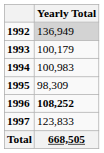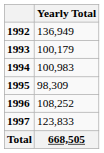 <table class="wikitable">
 <tr>
 <th></th>
 <th>Yearly Total</th>
 </tr>
 <tr>
 <td><strong>1992</strong></td>
-<td style="background: lightgrey;">136,949</td>
+<td>136,949</td>
 </tr>
 <tr>
 <td><strong>1993</strong></td>
 <td>100,179</td>
 </tr>
 <tr>
 <td><strong>1994</strong></td>
 <td>100,983</td>
 </tr>
 <tr>
 <td><strong>1995</strong></td>
 <td>98,309</td>
 </tr>
 <tr>
 <td><strong>1996</strong></td>
-<td><strong>108,252</strong></td>
+<td>108,252</td>
 </tr>
 <tr>
 <td><strong>1997</strong></td>
 <td>123,833</td>
 </tr>
 <tr>
 <th>Total</th>
 <th><u>668,505</u></th>
 </tr>
 </table>
